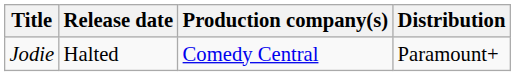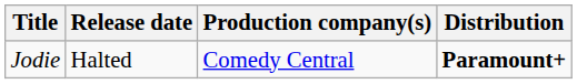 <table class="wikitable sortable">
 <tr>
 <th scope="col">Title</th>
 <th scope="col">Release date</th>
 <th scope="col">Production company(s)</th>
 <th scope="col">Distribution</th>
 </tr>
 <tr>
 <td><em>Jodie</em></td>
 <td rowspan="2">Halted</td>
 <td rowspan="2"><a href='#'>Comedy Central</a></td>
-<td>Paramount+</td>
+<td><strong>Paramount+</strong></td>
 </tr>
 </table>
